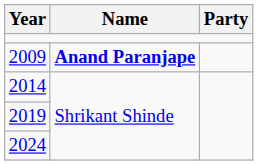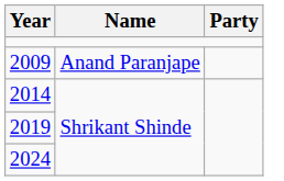 <table class="wikitable">
 <tr>
 <th>Year</th>
 <th>Name</th>
 <th colspan="2">Party</th>
 </tr>
 <tr>
 <td colspan="4"></td>
 </tr>
 <tr>
 <td><a href='#'>2009</a></td>
-<td><strong><a href='#'>Anand Paranjape</a></strong></td>
+<td><a href='#'>Anand Paranjape</a></td>
 <td></td>
 </tr>
 <tr>
 <td><a href='#'>2014</a></td>
 <td rowspan="3"><a href='#'>Shrikant Shinde</a></td>
 </tr>
 <tr>
 <td><a href='#'>2019</a></td>
 </tr>
 <tr>
 <td><a href='#'>2024</a></td>
 </tr>
 </table>
